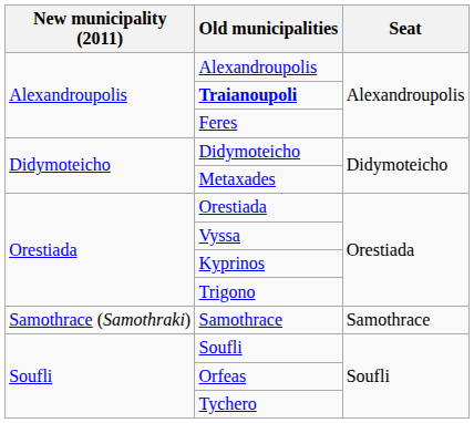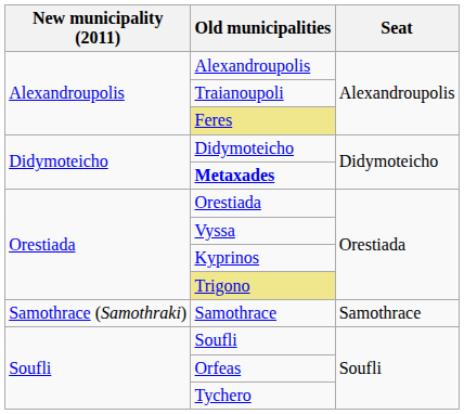 <table class="wikitable">
 <tr>
 <th>New municipality<br>(2011)</th>
 <th>Old municipalities</th>
 <th>Seat</th>
 </tr>
 <tr>
 <td rowspan=3><a href='#'>Alexandroupolis</a></td>
 <td><a href='#'>Alexandroupolis</a></td>
 <td rowspan=3>Alexandroupolis</td>
 </tr>
 <tr>
-<td><strong><a href='#'>Traianoupoli</a></strong></td>
+<td><a href='#'>Traianoupoli</a></td>
 </tr>
 <tr>
-<td><a href='#'>Feres</a></td>
+<td style="background: khaki;"><a href='#'>Feres</a></td>
 </tr>
 <tr>
 <td rowspan=2><a href='#'>Didymoteicho</a></td>
 <td><a href='#'>Didymoteicho</a></td>
 <td rowspan=2>Didymoteicho</td>
 </tr>
 <tr>
-<td><a href='#'>Metaxades</a></td>
+<td><strong><a href='#'>Metaxades</a></strong></td>
 </tr>
 <tr>
 <td rowspan=4><a href='#'>Orestiada</a></td>
 <td><a href='#'>Orestiada</a></td>
 <td rowspan=4>Orestiada</td>
 </tr>
 <tr>
 <td><a href='#'>Vyssa</a></td>
 </tr>
 <tr>
 <td><a href='#'>Kyprinos</a></td>
 </tr>
 <tr>
-<td><a href='#'>Trigono</a></td>
+<td style="background: khaki;"><a href='#'>Trigono</a></td>
 </tr>
 <tr>
 <td><a href='#'>Samothrace</a> (<em>Samothraki</em>)</td>
 <td><a href='#'>Samothrace</a></td>
 <td>Samothrace</td>
 </tr>
 <tr>
 <td rowspan=3><a href='#'>Soufli</a></td>
 <td><a href='#'>Soufli</a></td>
 <td rowspan=3>Soufli</td>
 </tr>
 <tr>
 <td><a href='#'>Orfeas</a></td>
 </tr>
 <tr>
 <td><a href='#'>Tychero</a></td>
 </tr>
 </table>
